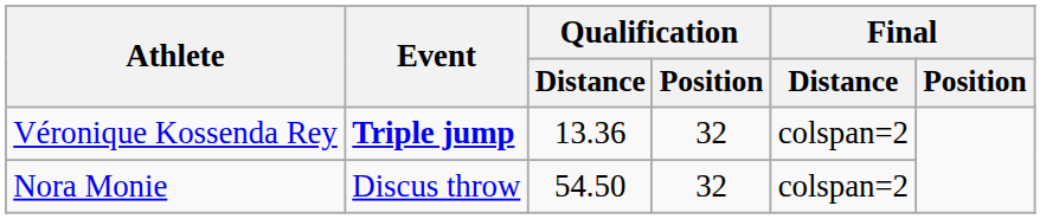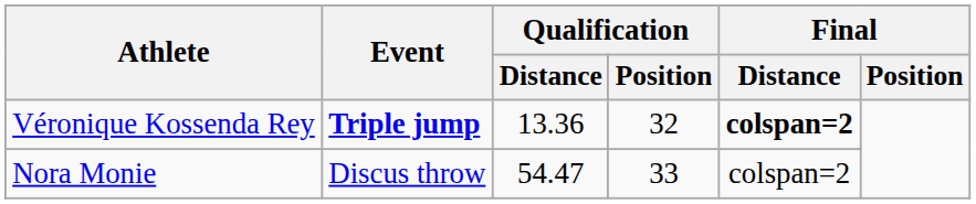 <table class=wikitable style=font-size:90%>
 <tr>
 <th rowspan=2>Athlete</th>
 <th rowspan=2>Event</th>
 <th colspan=2>Qualification</th>
 <th colspan=2>Final</th>
 </tr>
 <tr style=font-size:95%>
 <th>Distance</th>
 <th>Position</th>
 <th>Distance</th>
 <th>Position</th>
 </tr>
 <tr align=center>
 <td align=left><a href='#'>Véronique Kossenda Rey</a></td>
 <td align=left><strong><a href='#'>Triple jump</a></strong></td>
 <td>13.36</td>
 <td>32</td>
-<td>colspan=2 </td>
+<td><strong>colspan=2 </strong></td>
 </tr>
 <tr align=center>
 <td align=left><a href='#'>Nora Monie</a></td>
 <td align=left><a href='#'>Discus throw</a></td>
-<td>54.50</td>
-<td>32</td>
+<td>54.47</td>
+<td>33</td>
 <td>colspan=2 </td>
 </tr>
 </table>
